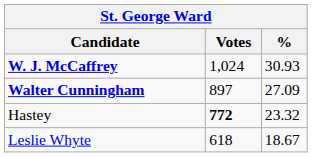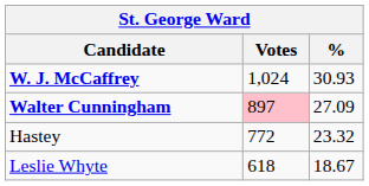 <table class="wikitable">
 <tr>
 <th colspan="3"><a href='#'>St. George Ward</a></th>
 </tr>
 <tr>
 <th style="width: 200px">Candidate</th>
 <th style="width: 50px">Votes</th>
 <th style="width: 40px">%</th>
 </tr>
 <tr>
 <td><strong><a href='#'>W. J. McCaffrey</a></strong></td>
 <td>1,024</td>
 <td>30.93</td>
 </tr>
 <tr>
 <td><strong><a href='#'>Walter Cunningham</a></strong></td>
-<td>897</td>
+<td style="background: pink;">897</td>
 <td>27.09</td>
 </tr>
 <tr>
 <td>Hastey</td>
-<td><strong>772</strong></td>
+<td>772</td>
 <td>23.32</td>
 </tr>
 <tr>
 <td><a href='#'>Leslie Whyte</a></td>
 <td>618</td>
 <td>18.67</td>
 </tr>
 </table>
